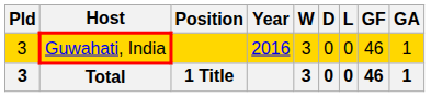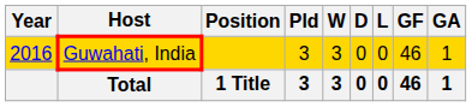 <table class="wikitable" style="text-align: center;">
 <tr>
-<th>Pld</th>
+<th>Year</th>
 <th>Host</th>
 <th>Position</th>
-<th>Year</th>
+<th>Pld</th>
 <th>W</th>
 <th>D</th>
 <th>L</th>
 <th>GF</th>
 <th>GA</th>
 </tr>
 <tr bgcolor=gold>
-<td>3</td>
+<td><a href='#'>2016</a></td>
 <td align=left style="border: 3px solid red"> <a href='#'>Guwahati</a>, India</td>
 <td></td>
-<td><a href='#'>2016</a></td>
+<td>3</td>
 <td>3</td>
 <td>0</td>
 <td>0</td>
 <td>46</td>
 <td>1</td>
 </tr>
 <tr>
-<th>3</th>
+<th></th>
 <th>Total</th>
 <th><strong>1 Title</strong></th>
-<th></th>
+<th>3</th>
 <th>3</th>
 <th>0</th>
 <th>0</th>
 <th>46</th>
 <th>1</th>
 </tr>
 </table>
